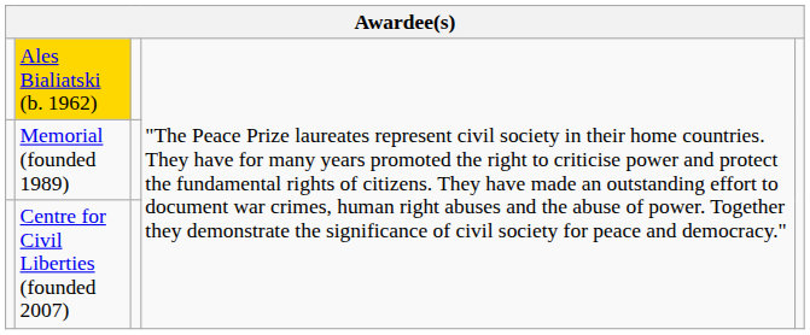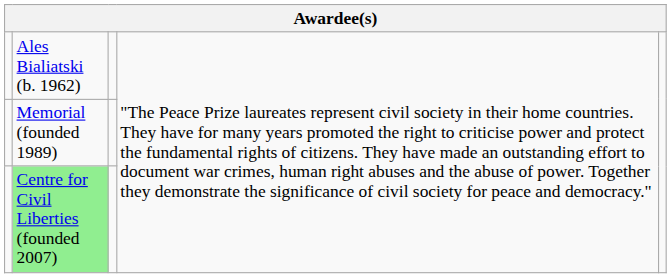 <table class="wikitable">
 <tr>
 <th colspan="5">Awardee(s)</th>
 </tr>
 <tr>
 <td></td>
-<td style="background: gold;"><a href='#'>Ales Bialiatski</a><br>(b. 1962)</td>
+<td><a href='#'>Ales Bialiatski</a><br>(b. 1962)</td>
 <td></td>
 <td rowspan="3">"The Peace Prize laureates represent civil society in their home countries. They have for many years promoted the right to criticise power and protect the fundamental rights of citizens. They have made an outstanding effort to document war crimes, human right abuses and the abuse of power. Together they demonstrate the significance of civil society for peace and democracy."</td>
 <td rowspan="3"></td>
 </tr>
 <tr>
 <td></td>
 <td><a href='#'>Memorial</a><br>(founded 1989)</td>
 <td></td>
 </tr>
 <tr>
 <td></td>
-<td><a href='#'>Centre for Civil Liberties</a><br>(founded 2007)</td>
+<td style="background: lightgreen;"><a href='#'>Centre for Civil Liberties</a><br>(founded 2007)</td>
 <td></td>
 </tr>
 </table>
